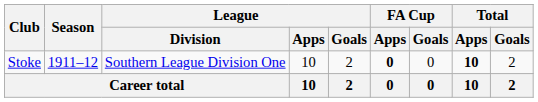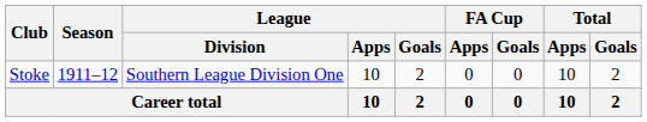 <table class="wikitable" style="text-align: center;">
 <tr>
 <th rowspan="2">Club</th>
 <th rowspan="2">Season</th>
 <th colspan="3">League</th>
 <th colspan="2">FA Cup</th>
 <th colspan="2">Total</th>
 </tr>
 <tr>
 <th>Division</th>
 <th>Apps</th>
 <th>Goals</th>
 <th>Apps</th>
 <th>Goals</th>
 <th>Apps</th>
 <th>Goals</th>
 </tr>
 <tr>
 <td><a href='#'>Stoke</a></td>
 <td><a href='#'>1911–12</a></td>
 <td><a href='#'>Southern League Division One</a></td>
 <td>10</td>
 <td>2</td>
-<td><strong>0</strong></td>
 <td>0</td>
-<td><strong>10</strong></td>
+<td>0</td>
+<td>10</td>
 <td>2</td>
 </tr>
 <tr>
 <th colspan="3">Career total</th>
 <th>10</th>
 <th>2</th>
 <th>0</th>
 <th>0</th>
 <th>10</th>
 <th>2</th>
 </tr>
 </table>
